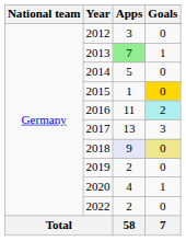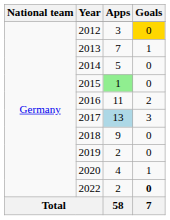 <table class="wikitable" style="text-align:center">
 <tr>
 <th>National team</th>
 <th>Year</th>
 <th>Apps</th>
 <th>Goals</th>
 </tr>
 <tr>
 <td rowspan="11"><a href='#'>Germany</a></td>
 </tr>
 <tr>
 <td>2012</td>
 <td>3</td>
-<td>0</td>
+<td style="background: gold;">0</td>
 </tr>
 <tr>
 <td>2013</td>
-<td style="background: lightgreen;">7</td>
+<td>7</td>
 <td>1</td>
 </tr>
 <tr>
 <td>2014</td>
 <td>5</td>
 <td>0</td>
 </tr>
 <tr>
 <td>2015</td>
-<td>1</td>
-<td style="background: gold;">0</td>
+<td style="background: lightgreen;">1</td>
+<td>0</td>
 </tr>
 <tr>
 <td>2016</td>
 <td>11</td>
-<td style="background: paleturquoise;">2</td>
+<td>2</td>
 </tr>
 <tr>
 <td>2017</td>
-<td>13</td>
+<td style="background: lightblue;">13</td>
 <td>3</td>
 </tr>
 <tr>
 <td>2018</td>
-<td style="background: lavender;">9</td>
-<td style="background: khaki;">0</td>
+<td>9</td>
+<td>0</td>
 </tr>
 <tr>
 <td>2019</td>
 <td>2</td>
 <td>0</td>
 </tr>
 <tr>
 <td>2020</td>
 <td>4</td>
 <td>1</td>
 </tr>
 <tr>
 <td>2022</td>
 <td>2</td>
-<td>0</td>
+<td><strong>0</strong></td>
 </tr>
 <tr>
 <th colspan="2">Total</th>
 <th>58</th>
 <th>7</th>
 </tr>
 </table>
